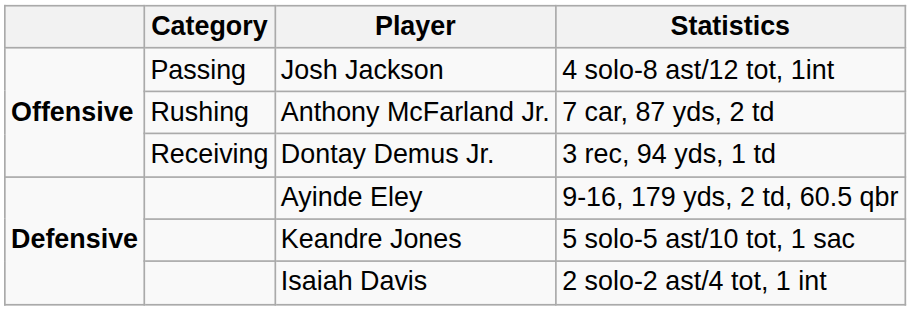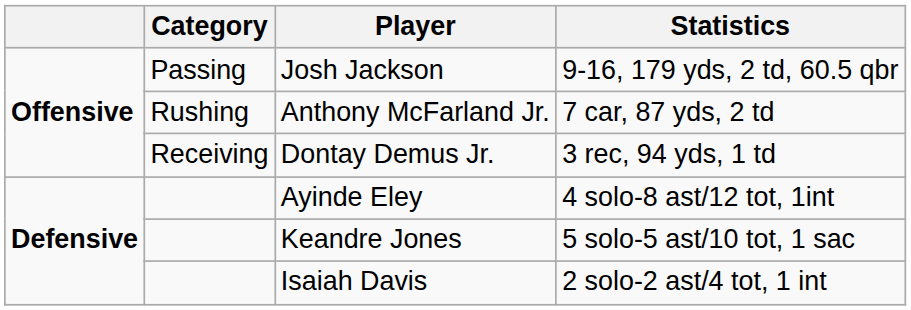 <table class="wikitable" style="float: left;">
 <tr>
 <th></th>
 <th>Category</th>
 <th>Player</th>
 <th>Statistics</th>
 </tr>
 <tr>
 <td rowspan=3><strong>Offensive</strong></td>
 <td>Passing</td>
 <td>Josh Jackson</td>
-<td>4 solo-8 ast/12 tot, 1int</td>
+<td>9-16, 179 yds, 2 td, 60.5 qbr</td>
 </tr>
 <tr>
 <td>Rushing</td>
 <td>Anthony McFarland Jr.</td>
 <td>7 car, 87 yds, 2 td</td>
 </tr>
 <tr>
 <td>Receiving</td>
 <td>Dontay Demus Jr.</td>
 <td>3 rec, 94 yds, 1 td</td>
 </tr>
 <tr>
 <td rowspan=3><strong>Defensive</strong></td>
 <td></td>
 <td>Ayinde Eley</td>
-<td>9-16, 179 yds, 2 td, 60.5 qbr</td>
+<td>4 solo-8 ast/12 tot, 1int</td>
 </tr>
 <tr>
 <td></td>
 <td>Keandre Jones</td>
 <td>5 solo-5 ast/10 tot, 1 sac</td>
 </tr>
 <tr>
 <td></td>
 <td>Isaiah Davis</td>
 <td>2 solo-2 ast/4 tot, 1 int</td>
 </tr>
 </table>
